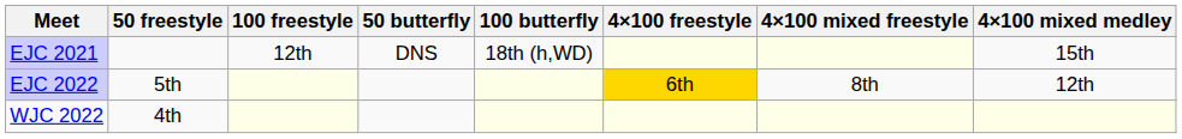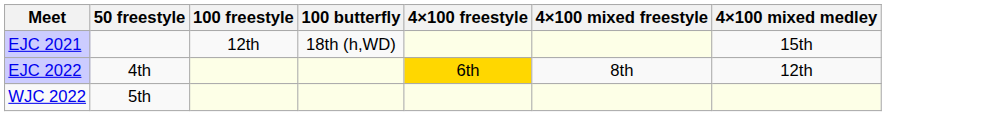 <table class="sortable wikitable">
 <tr>
 <th>Meet</th>
 <th class="unsortable">50 freestyle</th>
 <th class="unsortable">100 freestyle</th>
-<th class="unsortable">50 butterfly</th>
 <th class="unsortable">100 butterfly</th>
 <th class="unsortable">4×100 freestyle</th>
 <th class="unsortable">4×100 mixed freestyle</th>
 <th class="unsortable">4×100 mixed medley</th>
 </tr>
 <tr>
 <td style="background:#ccccff"><a href='#'>EJC 2021</a></td>
 <td align="center"></td>
 <td align="center">12th</td>
-<td align="center">DNS</td>
 <td align="center">18th (h,WD)</td>
 <td style="background:#fdffe7"></td>
 <td style="background:#fdffe7"></td>
 <td align="center">15th</td>
 </tr>
 <tr>
 <td style="background:#ccccff"><a href='#'>EJC 2022</a></td>
-<td align="center">5th</td>
+<td align="center">4th</td>
 <td style="background:#fdffe7"></td>
-<td align="center"></td>
 <td style="background:#fdffe7"></td>
 <td align="center" style="background: gold;">6th</td>
 <td align="center">8th</td>
 <td align="center">12th</td>
 </tr>
 <tr>
 <td><a href='#'>WJC 2022</a></td>
-<td align="center">4th</td>
+<td align="center">5th</td>
 <td style="background:#fdffe7"></td>
-<td align="center"></td>
 <td style="background:#fdffe7"></td>
 <td style="background:#fdffe7"></td>
 <td style="background:#fdffe7"></td>
 <td style="background:#fdffe7"></td>
 </tr>
 </table>
